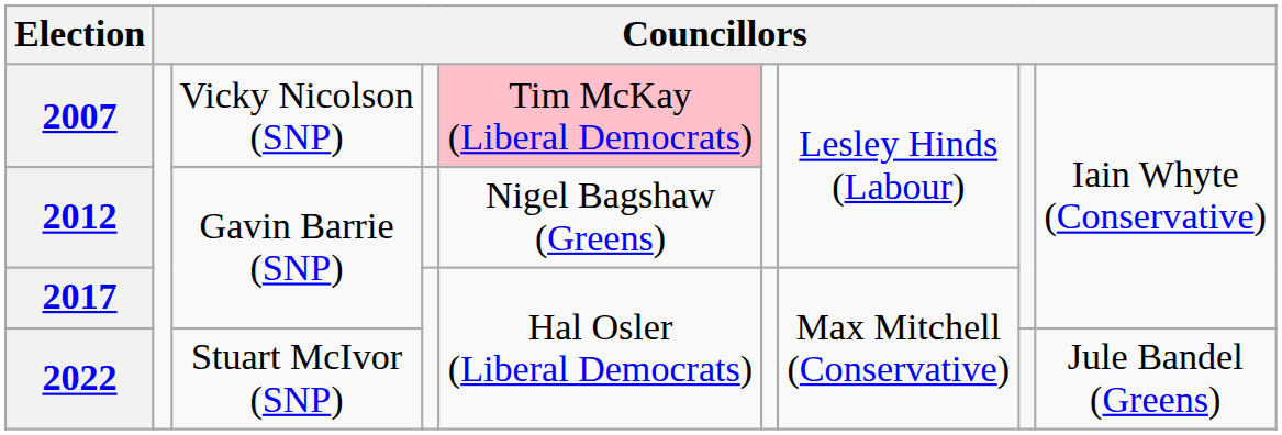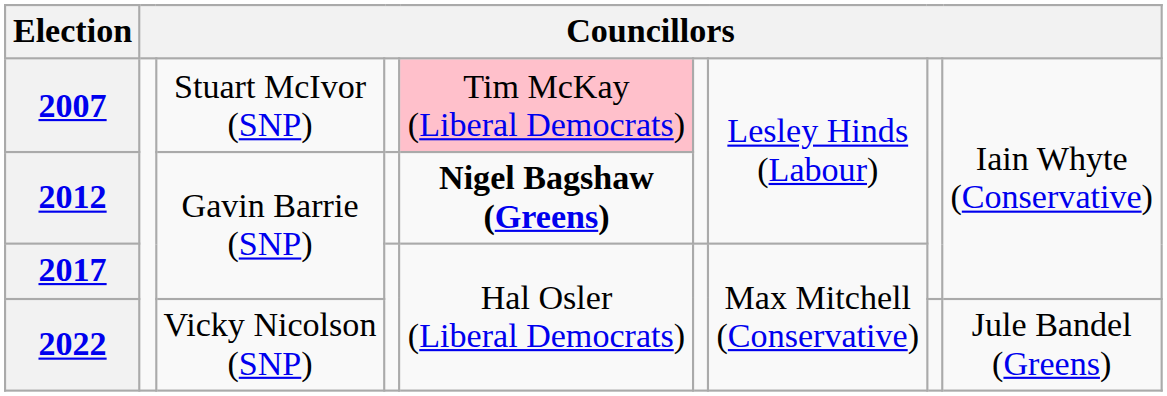 <table class="wikitable" style="text-align:center">
 <tr>
 <th>Election</th>
 <th colspan=8>Councillors</th>
 </tr>
 <tr>
 <th><a href='#'>2007</a></th>
 <td rowspan=4; style="background-color: "></td>
-<td rowspan=1>Vicky Nicolson<br>(<a href='#'>SNP</a>)</td>
+<td rowspan=1>Stuart McIvor<br>(<a href='#'>SNP</a>)</td>
 <td rowspan=1; style="background-color: "></td>
 <td rowspan=1 style="background: pink;">Tim McKay<br>(<a href='#'>Liberal Democrats</a>)</td>
 <td rowspan=2; style="background-color: "></td>
 <td rowspan=2><a href='#'>Lesley Hinds</a><br>(<a href='#'>Labour</a>)</td>
 <td rowspan=3; style="background-color: "></td>
 <td rowspan=3>Iain Whyte<br>(<a href='#'>Conservative</a>)</td>
 </tr>
 <tr>
 <th><a href='#'>2012</a></th>
 <td rowspan=2>Gavin Barrie<br>(<a href='#'>SNP</a>)</td>
 <td rowspan=1; style="background-color: "></td>
-<td rowspan=1>Nigel Bagshaw<br>(<a href='#'>Greens</a>)</td>
+<td rowspan=1><strong>Nigel Bagshaw<br>(<a href='#'>Greens</a>)</strong></td>
 </tr>
 <tr>
 <th><a href='#'>2017</a></th>
 <td rowspan=2; style="background-color: "></td>
 <td rowspan=2>Hal Osler<br>(<a href='#'>Liberal Democrats</a>)</td>
 <td rowspan=2; style="background-color: "></td>
 <td rowspan=2>Max Mitchell<br>(<a href='#'>Conservative</a>)</td>
 </tr>
 <tr>
 <th><a href='#'>2022</a></th>
-<td rowspan=1>Stuart McIvor<br>(<a href='#'>SNP</a>)</td>
+<td rowspan=1>Vicky Nicolson<br>(<a href='#'>SNP</a>)</td>
 <td rowspan=1; style="background-color: "></td>
 <td rowspan=1>Jule Bandel<br>(<a href='#'>Greens</a>)</td>
 </tr>
 </table>
